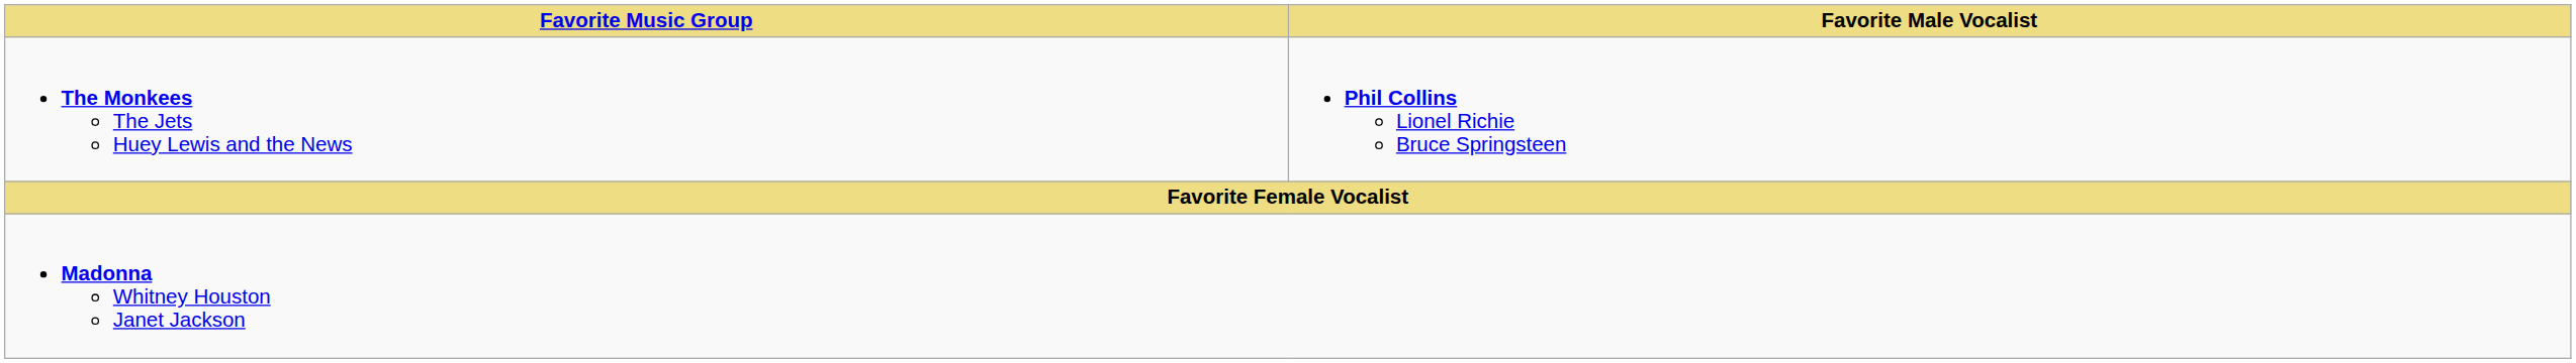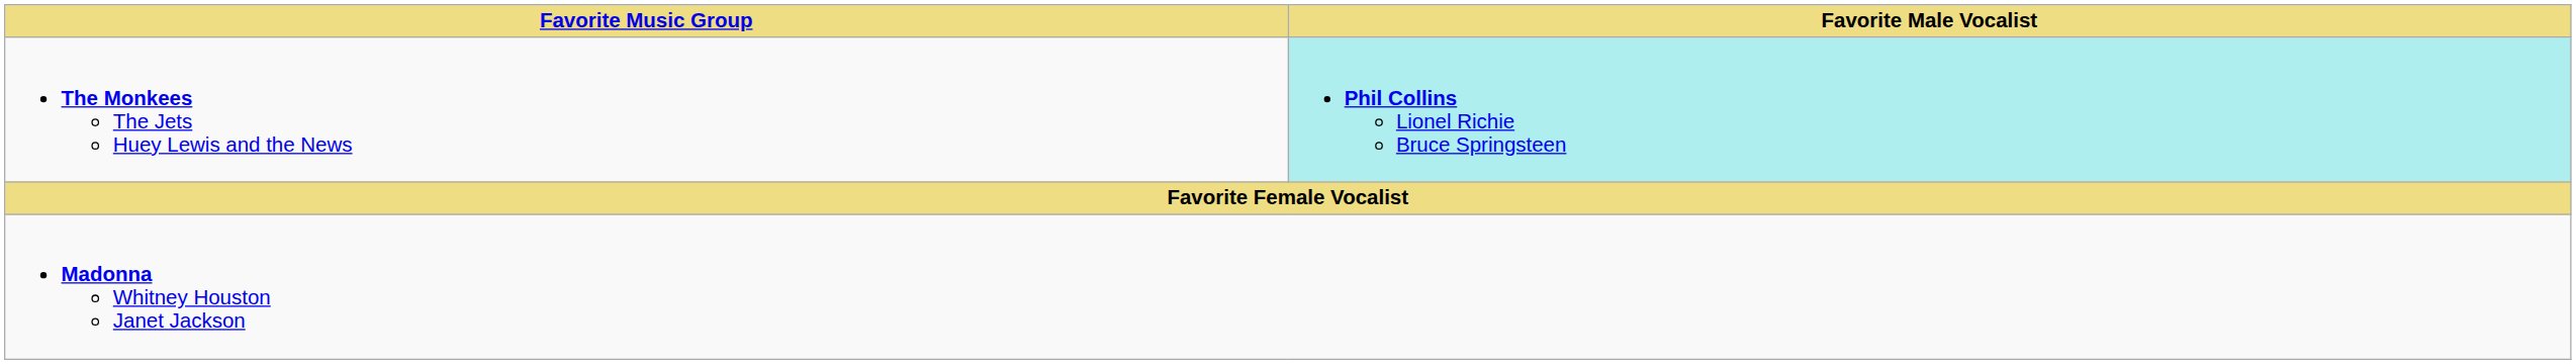 <table class="wikitable" style="width:100%">
 <tr>
 <th style="background:#EEDD82; width:50%"><a href='#'>Favorite Music Group</a></th>
 <th style="background:#EEDD82; width:50%">Favorite Male Vocalist</th>
 </tr>
 <tr>
 <td valign="top"><br><ul><li><strong><a href='#'>The Monkees</a></strong><ul><li><a href='#'>The Jets</a></li><li><a href='#'>Huey Lewis and the News</a></li></ul></li></ul></td>
-<td valign="top"><br><ul><li><strong><a href='#'>Phil Collins</a></strong><ul><li><a href='#'>Lionel Richie</a></li><li><a href='#'>Bruce Springsteen</a></li></ul></li></ul></td>
+<td valign="top" style="background: paleturquoise;"><br><ul><li><strong><a href='#'>Phil Collins</a></strong><ul><li><a href='#'>Lionel Richie</a></li><li><a href='#'>Bruce Springsteen</a></li></ul></li></ul></td>
 </tr>
 <tr>
 <th style="background:#EEDD82;" colspan="2">Favorite Female Vocalist</th>
 </tr>
 <tr>
 <td colspan="2" valign="top"><br><ul><li><strong><a href='#'>Madonna</a></strong><ul><li><a href='#'>Whitney Houston</a></li><li><a href='#'>Janet Jackson</a></li></ul></li></ul></td>
 </tr>
 </table>
